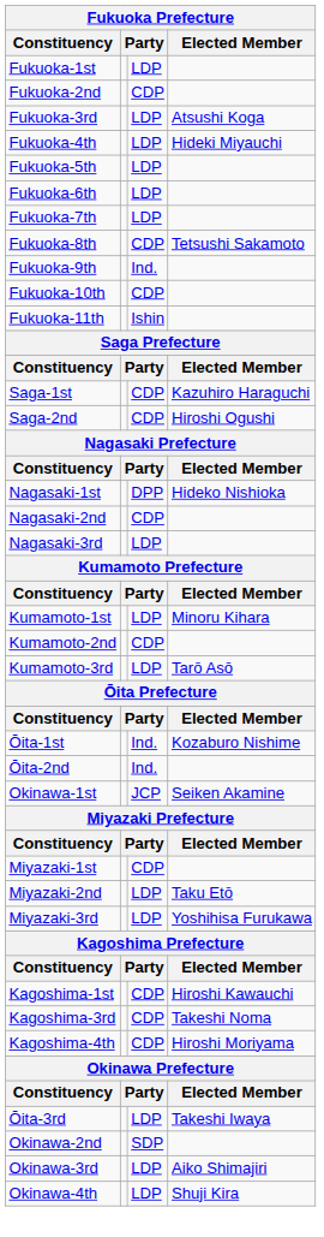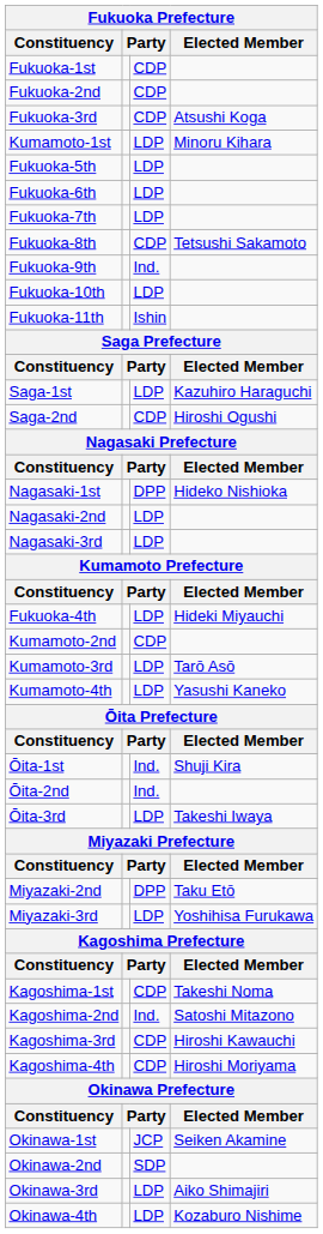 <table class="wikitable">
 <tr>
 <th colspan=4><a href='#'>Fukuoka Prefecture</a></th>
 </tr>
 <tr>
 <th>Constituency</th>
 <th colspan=2>Party</th>
 <th>Elected Member</th>
 </tr>
 <tr>
 <td><a href='#'>Fukuoka-1st</a></td>
 <td style="background:"></td>
-<td><a href='#'>LDP</a></td>
+<td><a href='#'>CDP</a></td>
 <td></td>
 </tr>
 <tr>
 <td><a href='#'>Fukuoka-2nd</a></td>
 <td style="background:"></td>
 <td><a href='#'>CDP</a></td>
 <td></td>
 </tr>
 <tr>
 <td><a href='#'>Fukuoka-3rd</a></td>
 <td style="background:"></td>
-<td><a href='#'>LDP</a></td>
+<td><a href='#'>CDP</a></td>
 <td><a href='#'>Atsushi Koga</a></td>
 </tr>
 <tr>
-<td><a href='#'>Fukuoka-4th</a></td>
+<td><a href='#'>Kumamoto-1st</a></td>
 <td style="background:"></td>
 <td><a href='#'>LDP</a></td>
-<td><a href='#'>Hideki Miyauchi</a></td>
+<td><a href='#'>Minoru Kihara</a></td>
 </tr>
 <tr>
 <td><a href='#'>Fukuoka-5th</a></td>
 <td style="background:"></td>
 <td><a href='#'>LDP</a></td>
 <td></td>
 </tr>
 <tr>
 <td><a href='#'>Fukuoka-6th</a></td>
 <td style="background:"></td>
 <td><a href='#'>LDP</a></td>
 <td></td>
 </tr>
 <tr>
 <td><a href='#'>Fukuoka-7th</a></td>
 <td style="background:"></td>
 <td><a href='#'>LDP</a></td>
 <td></td>
 </tr>
 <tr>
 <td><a href='#'>Fukuoka-8th</a></td>
 <td style="background:"></td>
 <td><a href='#'>CDP</a></td>
 <td><a href='#'>Tetsushi Sakamoto</a></td>
 </tr>
 <tr>
 <td><a href='#'>Fukuoka-9th</a></td>
 <td style="background:"></td>
 <td><a href='#'>Ind.</a></td>
 <td></td>
 </tr>
 <tr>
 <td><a href='#'>Fukuoka-10th</a></td>
 <td style="background:"></td>
-<td><a href='#'>CDP</a></td>
+<td><a href='#'>LDP</a></td>
 <td></td>
 </tr>
 <tr>
 <td><a href='#'>Fukuoka-11th</a></td>
 <td style="background:"></td>
 <td><a href='#'>Ishin</a></td>
 <td></td>
 </tr>
 <tr>
 <th colspan=4><a href='#'>Saga Prefecture</a></th>
 </tr>
 <tr>
 <th>Constituency</th>
 <th colspan=2>Party</th>
 <th>Elected Member</th>
 </tr>
 <tr>
 <td><a href='#'>Saga-1st</a></td>
 <td style="background:"></td>
-<td><a href='#'>CDP</a></td>
+<td><a href='#'>LDP</a></td>
 <td><a href='#'>Kazuhiro Haraguchi</a></td>
 </tr>
 <tr>
 <td><a href='#'>Saga-2nd</a></td>
 <td style="background:"></td>
 <td><a href='#'>CDP</a></td>
 <td><a href='#'>Hiroshi Ogushi</a></td>
 </tr>
 <tr>
 <th colspan=4><a href='#'>Nagasaki Prefecture</a></th>
 </tr>
 <tr>
 <th>Constituency</th>
 <th colspan=2>Party</th>
 <th>Elected Member</th>
 </tr>
 <tr>
 <td><a href='#'>Nagasaki-1st</a></td>
 <td style="background:"></td>
 <td><a href='#'>DPP</a></td>
 <td><a href='#'>Hideko Nishioka</a></td>
 </tr>
 <tr>
 <td><a href='#'>Nagasaki-2nd</a></td>
 <td style="background:"></td>
-<td><a href='#'>CDP</a></td>
+<td><a href='#'>LDP</a></td>
 <td></td>
 </tr>
 <tr>
 <td><a href='#'>Nagasaki-3rd</a></td>
 <td style="background:"></td>
 <td><a href='#'>LDP</a></td>
 <td></td>
 </tr>
 <tr>
 <th colspan=4><a href='#'>Kumamoto Prefecture</a></th>
 </tr>
 <tr>
 <th>Constituency</th>
 <th colspan=2>Party</th>
 <th>Elected Member</th>
 </tr>
 <tr>
-<td><a href='#'>Kumamoto-1st</a></td>
+<td><a href='#'>Fukuoka-4th</a></td>
 <td style="background:"></td>
 <td><a href='#'>LDP</a></td>
-<td><a href='#'>Minoru Kihara</a></td>
+<td><a href='#'>Hideki Miyauchi</a></td>
 </tr>
 <tr>
 <td><a href='#'>Kumamoto-2nd</a></td>
 <td style="background:"></td>
 <td><a href='#'>CDP</a></td>
 <td></td>
 </tr>
 <tr>
 <td><a href='#'>Kumamoto-3rd</a></td>
 <td style="background:"></td>
 <td><a href='#'>LDP</a></td>
 <td><a href='#'>Tarō Asō</a></td>
 </tr>
 <tr>
+<td><a href='#'>Kumamoto-4th</a></td>
+<td style="background:"></td>
+<td><a href='#'>LDP</a></td>
+<td><a href='#'>Yasushi Kaneko</a></td>
+</tr>
+<tr>
 <th colspan=4><a href='#'>Ōita Prefecture</a></th>
 </tr>
 <tr>
 <th>Constituency</th>
 <th colspan=2>Party</th>
 <th>Elected Member</th>
 </tr>
 <tr>
 <td><a href='#'>Ōita-1st</a></td>
 <td style="background:"></td>
 <td><a href='#'>Ind.</a></td>
-<td><a href='#'>Kozaburo Nishime</a></td>
+<td><a href='#'>Shuji Kira</a></td>
 </tr>
 <tr>
 <td><a href='#'>Ōita-2nd</a></td>
 <td style="background:"></td>
 <td><a href='#'>Ind.</a></td>
 <td></td>
 </tr>
 <tr>
-<td><a href='#'>Okinawa-1st</a></td>
+<td><a href='#'>Ōita-3rd</a></td>
 <td style="background:"></td>
-<td><a href='#'>JCP</a></td>
-<td><a href='#'>Seiken Akamine</a></td>
+<td><a href='#'>LDP</a></td>
+<td><a href='#'>Takeshi Iwaya</a></td>
 </tr>
 <tr>
 <th colspan=4><a href='#'>Miyazaki Prefecture</a></th>
 </tr>
 <tr>
 <th>Constituency</th>
 <th colspan=2>Party</th>
 <th>Elected Member</th>
 </tr>
 <tr>
-<td><a href='#'>Miyazaki-1st</a></td>
-<td style="background:"></td>
-<td><a href='#'>CDP</a></td>
-<td></td>
-</tr>
-<tr>
 <td><a href='#'>Miyazaki-2nd</a></td>
 <td style="background:"></td>
-<td><a href='#'>LDP</a></td>
+<td><a href='#'>DPP</a></td>
 <td><a href='#'>Taku Etō</a></td>
 </tr>
 <tr>
 <td><a href='#'>Miyazaki-3rd</a></td>
 <td style="background:"></td>
 <td><a href='#'>LDP</a></td>
 <td><a href='#'>Yoshihisa Furukawa</a></td>
 </tr>
 <tr>
 <th colspan=4><a href='#'>Kagoshima Prefecture</a></th>
 </tr>
 <tr>
 <th>Constituency</th>
 <th colspan=2>Party</th>
 <th>Elected Member</th>
 </tr>
 <tr>
 <td><a href='#'>Kagoshima-1st</a></td>
 <td style="background:"></td>
 <td><a href='#'>CDP</a></td>
-<td><a href='#'>Hiroshi Kawauchi</a></td>
+<td><a href='#'>Takeshi Noma</a></td>
+</tr>
+<tr>
+<td><a href='#'>Kagoshima-2nd</a></td>
+<td style="background:"></td>
+<td><a href='#'>Ind.</a></td>
+<td><a href='#'>Satoshi Mitazono</a></td>
 </tr>
 <tr>
 <td><a href='#'>Kagoshima-3rd</a></td>
 <td style="background:"></td>
 <td><a href='#'>CDP</a></td>
-<td><a href='#'>Takeshi Noma</a></td>
+<td><a href='#'>Hiroshi Kawauchi</a></td>
 </tr>
 <tr>
 <td><a href='#'>Kagoshima-4th</a></td>
 <td style="background:"></td>
 <td><a href='#'>CDP</a></td>
 <td><a href='#'>Hiroshi Moriyama</a></td>
 </tr>
 <tr>
 <th colspan=4><a href='#'>Okinawa Prefecture</a></th>
 </tr>
 <tr>
 <th>Constituency</th>
 <th colspan=2>Party</th>
 <th>Elected Member</th>
 </tr>
 <tr>
-<td><a href='#'>Ōita-3rd</a></td>
+<td><a href='#'>Okinawa-1st</a></td>
 <td style="background:"></td>
-<td><a href='#'>LDP</a></td>
-<td><a href='#'>Takeshi Iwaya</a></td>
+<td><a href='#'>JCP</a></td>
+<td><a href='#'>Seiken Akamine</a></td>
 </tr>
 <tr>
 <td><a href='#'>Okinawa-2nd</a></td>
 <td style="background:"></td>
 <td><a href='#'>SDP</a></td>
 <td></td>
 </tr>
 <tr>
 <td><a href='#'>Okinawa-3rd</a></td>
 <td style="background:"></td>
 <td><a href='#'>LDP</a></td>
 <td><a href='#'>Aiko Shimajiri</a></td>
 </tr>
 <tr>
 <td><a href='#'>Okinawa-4th</a></td>
 <td style="background:"></td>
 <td><a href='#'>LDP</a></td>
-<td><a href='#'>Shuji Kira</a></td>
+<td><a href='#'>Kozaburo Nishime</a></td>
 </tr>
 </table>
